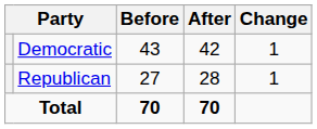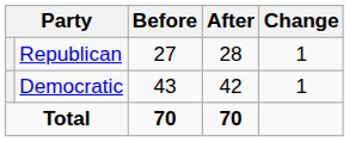 <table class="wikitable" style="text-align:center;">
 <tr>
 <th colspan="2">Party</th>
 <th>Before</th>
 <th>After</th>
 <th>Change</th>
 </tr>
 <tr>
 <th style="background-color:"></th>
-<td style="text-align:left;"><a href='#'>Democratic</a></td>
-<td>43</td>
-<td>42</td>
+<td style="text-align:left;"><a href='#'>Republican</a></td>
+<td>27</td>
+<td>28</td>
 <td> 1</td>
 </tr>
 <tr>
 <th style="background-color:"></th>
-<td style="text-align:left;"><a href='#'>Republican</a></td>
-<td>27</td>
-<td>28</td>
+<td style="text-align:left;"><a href='#'>Democratic</a></td>
+<td>43</td>
+<td>42</td>
 <td> 1</td>
 </tr>
 <tr>
 <td colspan="2"><strong>Total</strong></td>
 <td><strong>70</strong></td>
 <td><strong>70</strong></td>
 <td></td>
 </tr>
 </table>
